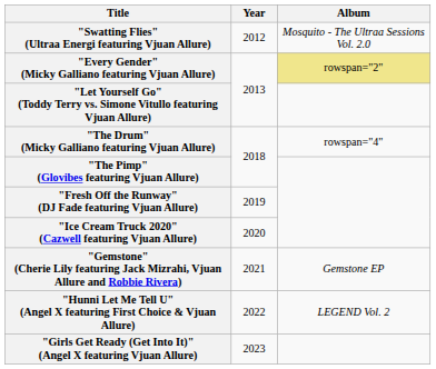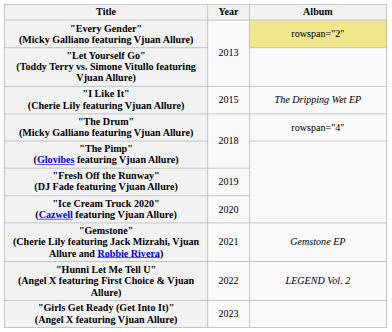 <table class="wikitable plainrowheaders" style="text-align:center;" border="1">
 <tr>
 <th scope="col" style="width:23em;">Title</th>
 <th scope="col" style="width:4em;">Year</th>
 <th scope="col" style="width:15em;">Album</th>
-</tr>
-<tr>
-<th scope="row">"Swatting Flies" <br><span>(Ultraa Energi featuring Vjuan Allure)</span></th>
-<td>2012</td>
-<td><em>Mosquito - The Ultraa Sessions Vol. 2.0</em></td>
 </tr>
 <tr>
 <th scope="row">"Every Gender" <br><span>(Micky Galliano featuring Vjuan Allure)</span></th>
 <td rowspan="2">2013</td>
 <td style="background: khaki;">rowspan="2" </td>
 </tr>
 <tr>
 <th scope="row">"Let Yourself Go" <br><span>(Toddy Terry vs. Simone Vitullo featuring Vjuan Allure)</span></th>
+</tr>
+<tr>
+<th scope="row">"I Like It" <br><span>(Cherie Lily featuring Vjuan Allure)</span></th>
+<td>2015</td>
+<td><em>The Dripping Wet EP</em></td>
 </tr>
 <tr>
 <th scope="row">"The Drum" <br><span>(Micky Galliano featuring Vjuan Allure)</span></th>
 <td rowspan="2">2018</td>
 <td>rowspan="4" </td>
 </tr>
 <tr>
 <th scope="row">"The Pimp" <br><span>(<a href='#'>Glovibes</a> featuring Vjuan Allure)</span></th>
 </tr>
 <tr>
 <th scope="row">"Fresh Off the Runway" <br><span>(DJ Fade featuring Vjuan Allure)</span></th>
 <td>2019</td>
 </tr>
 <tr>
 <th scope="row">"Ice Cream Truck 2020" <br><span>(<a href='#'>Cazwell</a> featuring Vjuan Allure)</span></th>
 <td>2020</td>
 </tr>
 <tr>
 <th scope="row">"Gemstone" <br><span>(Cherie Lily featuring Jack Mizrahi, Vjuan Allure and <a href='#'>Robbie Rivera</a>)</span></th>
 <td>2021</td>
 <td><em>Gemstone EP</em></td>
 </tr>
 <tr>
 <th scope="row">"Hunni Let Me Tell U" <br><span>(Angel X featuring First Choice & Vjuan Allure)</span></th>
 <td>2022</td>
 <td><em>LEGEND Vol. 2</em></td>
 </tr>
 <tr>
 <th scope="row">"Girls Get Ready (Get Into It)" <br><span>(Angel X featuring Vjuan Allure)</span></th>
 <td>2023</td>
 <td></td>
 </tr>
 </table>
